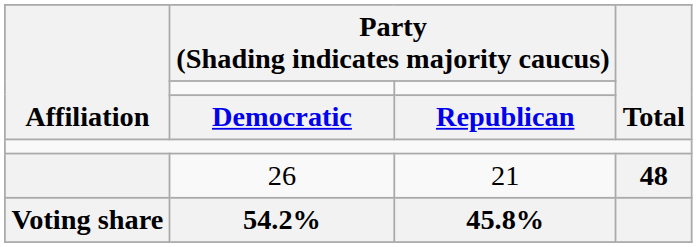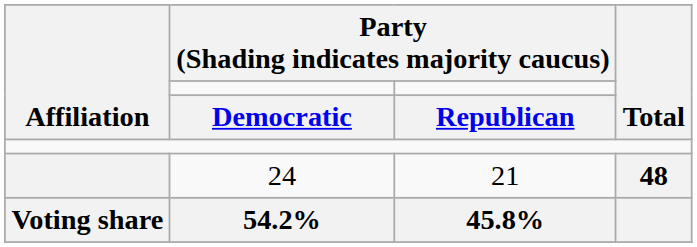 <table class=wikitable style="text-align:center">
 <tr style="vertical-align:bottom;">
 <th rowspan=3>Affiliation</th>
 <th colspan=2>Party <div>(Shading indicates majority caucus)</div></th>
 <th rowspan=3>Total</th>
 </tr>
 <tr style="height:5px">
 <td style="background-color:"></td>
 <td style="background-color:"></td>
 </tr>
 <tr>
 <th><a href='#'>Democratic</a></th>
 <th><a href='#'>Republican</a></th>
 </tr>
 <tr>
 <td colspan=5></td>
 </tr>
 <tr>
 <th nowrap style="font-size:80%"></th>
-<td>26</td>
+<td>24</td>
 <td>21</td>
 <th>48</th>
 </tr>
 <tr>
 <th>Voting share</th>
 <th>54.2%</th>
 <th>45.8%</th>
 <th colspan=2></th>
 </tr>
 </table>
